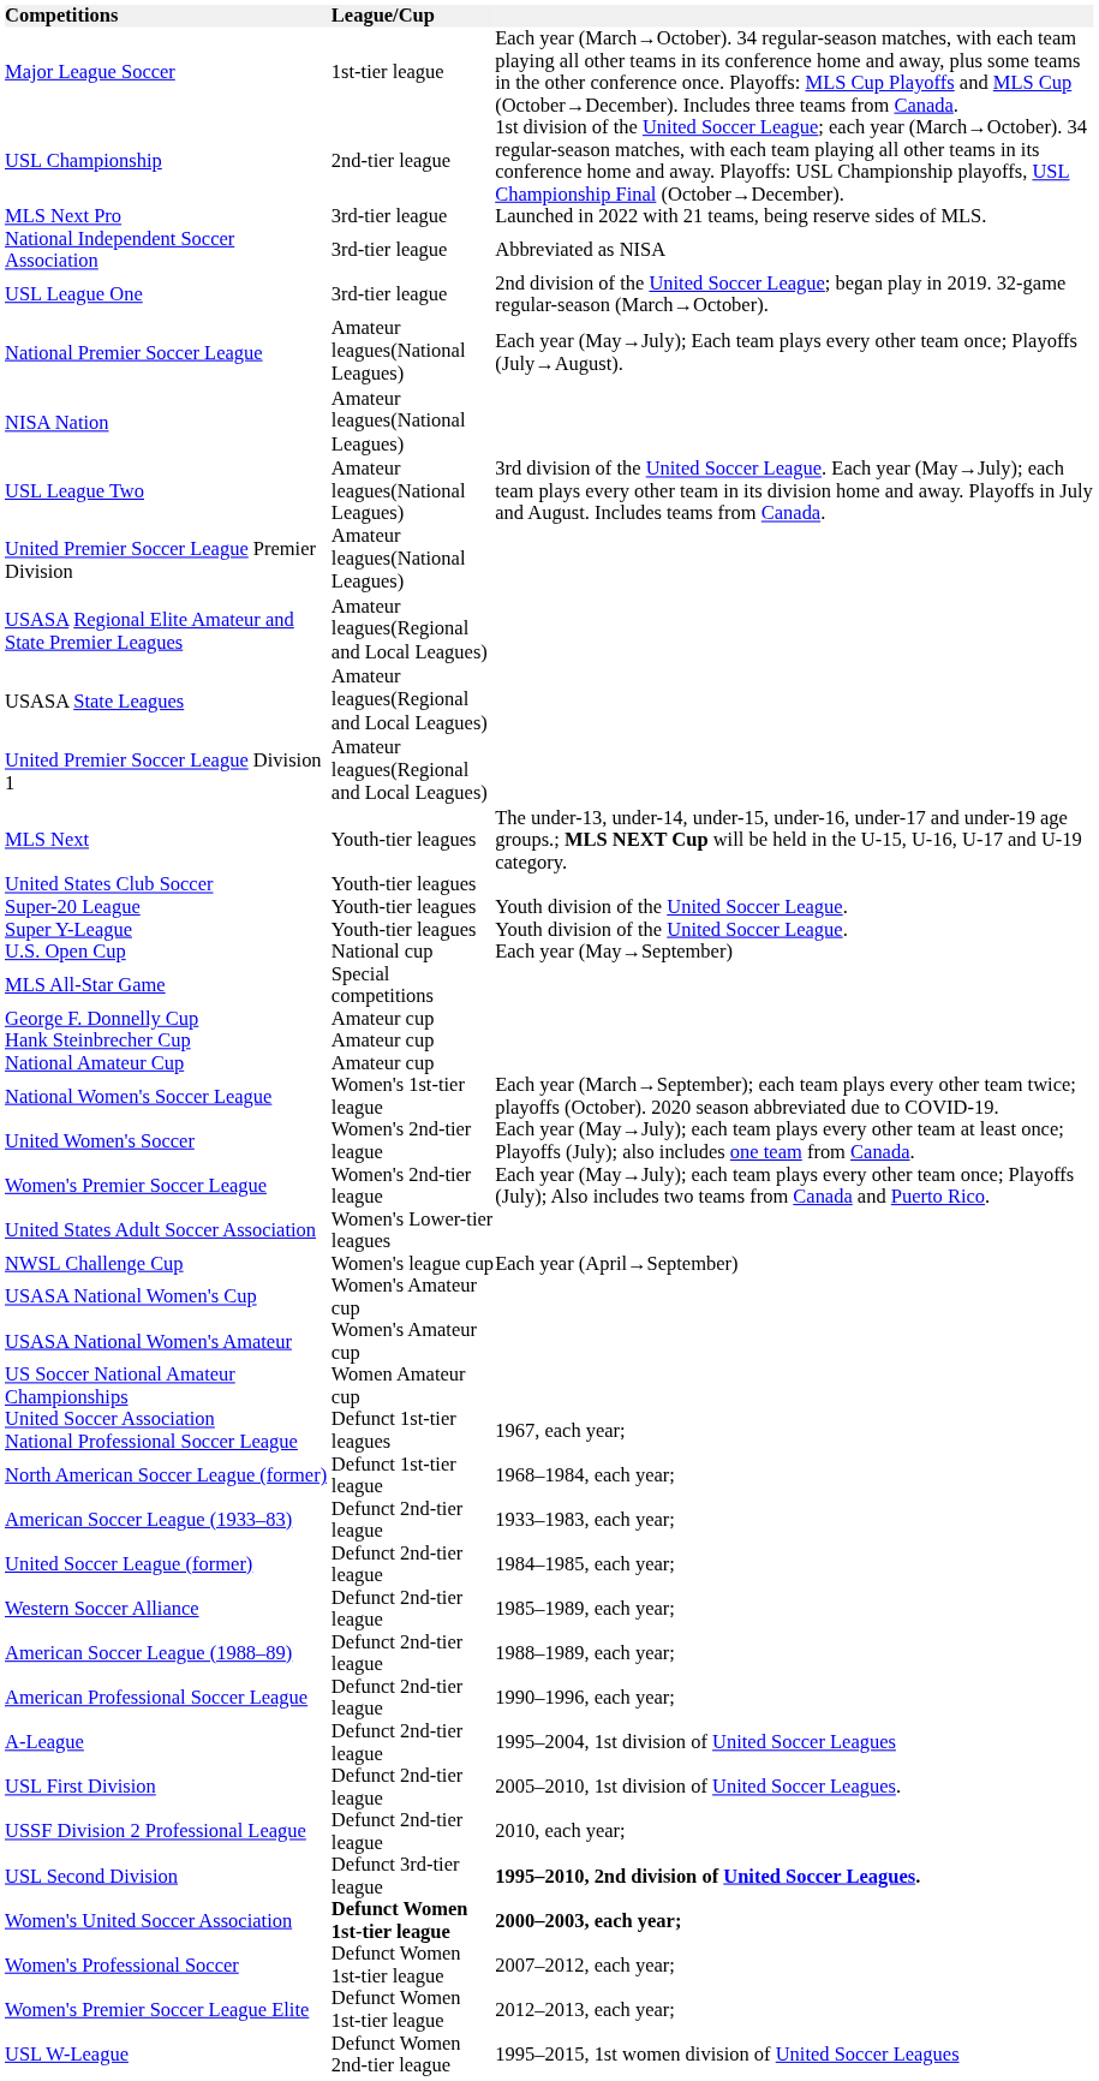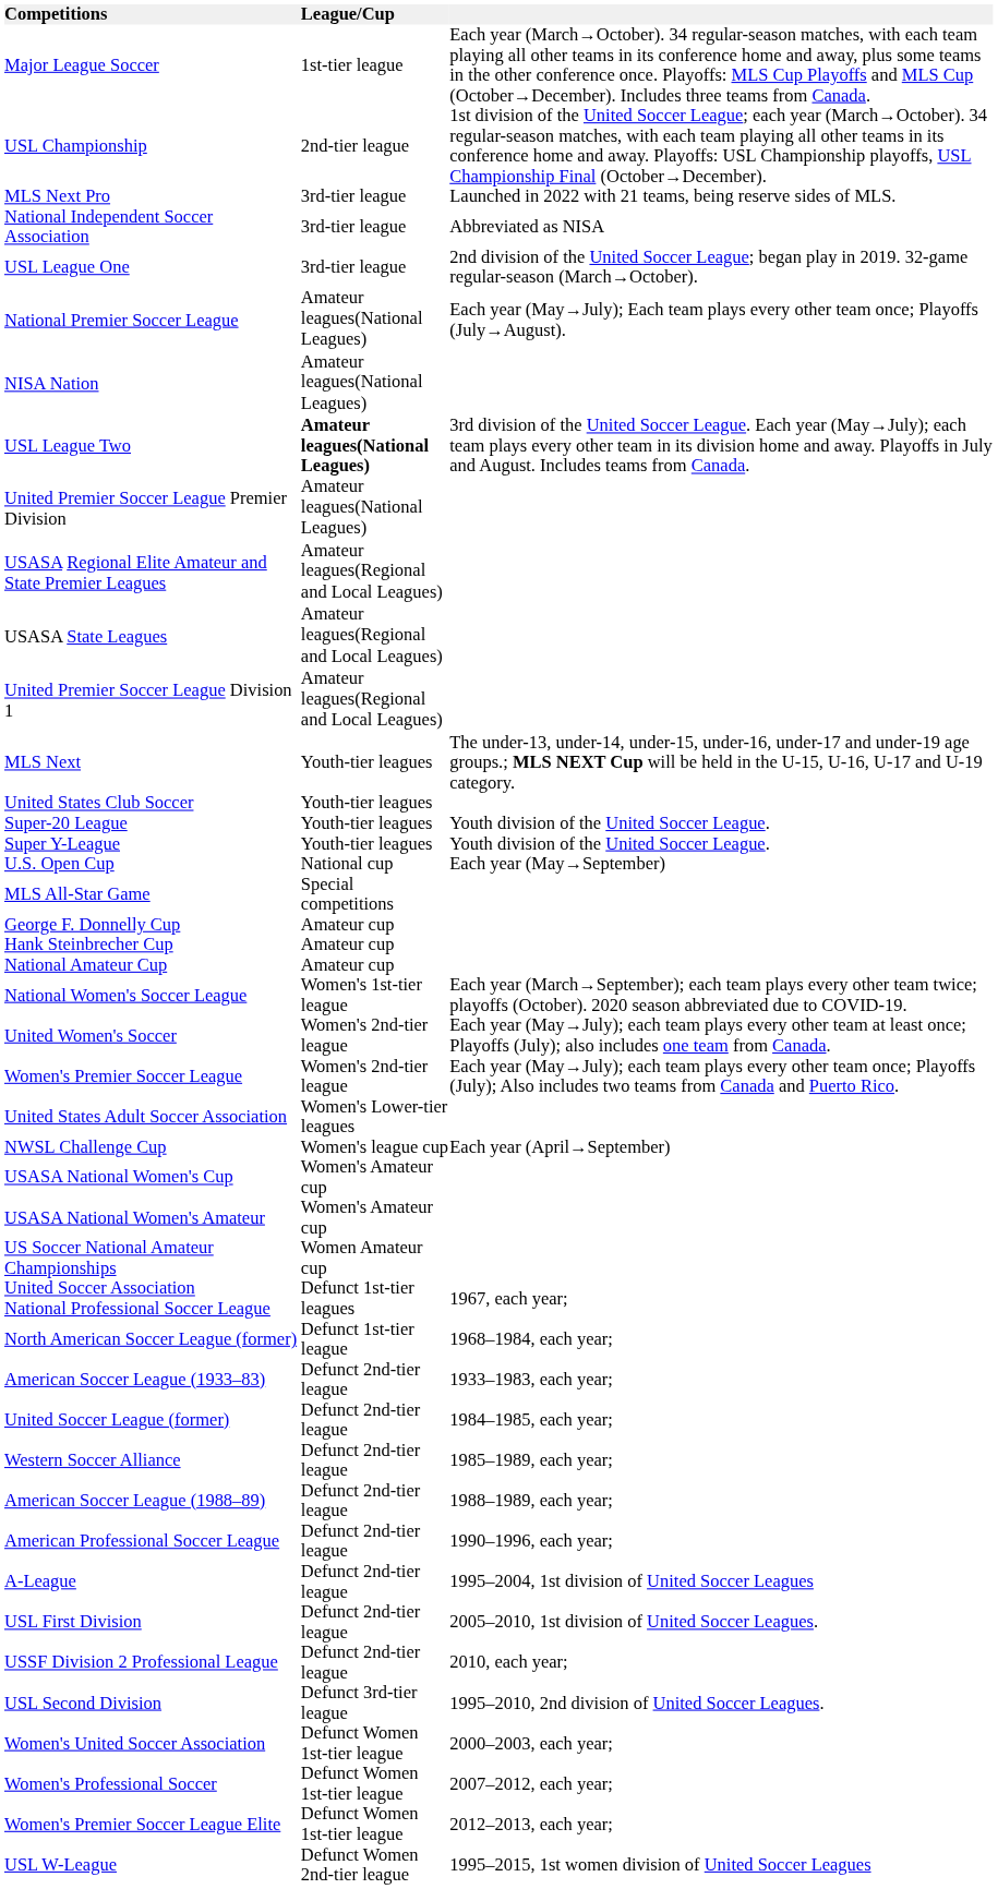 <table width="100%" cellspacing="0" cellpadding="0">
 <tr bgcolor="F0F0F0">
 <th width="30%" align="left"> Competitions</th>
 <th width="15%" align="left">League/Cup</th>
 <th width="55%" align="left"></th>
 </tr>
 <tr>
 <td><a href='#'>Major League Soccer</a></td>
 <td>1st-tier league</td>
 <td>Each year (March→October). 34 regular-season matches, with each team playing all other teams in its conference home and away, plus some teams in the other conference once. Playoffs: <a href='#'>MLS Cup Playoffs</a> and <a href='#'>MLS Cup</a> (October→December). Includes three teams from <a href='#'>Canada</a>.</td>
 </tr>
 <tr>
 <td><a href='#'>USL Championship</a></td>
 <td>2nd-tier league</td>
 <td>1st division of the <a href='#'>United Soccer League</a>; each year (March→October). 34 regular-season matches, with each team playing all other teams in its conference home and away. Playoffs: USL Championship playoffs, <a href='#'>USL Championship Final</a> (October→December).</td>
 </tr>
 <tr>
 <td><a href='#'>MLS Next Pro</a></td>
 <td>3rd-tier league</td>
 <td>Launched in 2022 with 21 teams, being reserve sides of MLS.</td>
 </tr>
 <tr>
 <td><a href='#'>National Independent Soccer Association</a></td>
 <td>3rd-tier league</td>
 <td>Abbreviated as NISA</td>
 </tr>
 <tr>
 <td><a href='#'>USL League One</a></td>
 <td>3rd-tier league</td>
 <td>2nd division of the <a href='#'>United Soccer League</a>; began play in 2019. 32-game regular-season (March→October).</td>
 </tr>
 <tr>
 <td><a href='#'>National Premier Soccer League</a></td>
 <td>Amateur leagues(National Leagues)　</td>
 <td>Each year (May→July); Each team plays every other team once; Playoffs (July→August).</td>
 </tr>
 <tr>
 <td><a href='#'>NISA Nation</a></td>
 <td>Amateur leagues(National Leagues)　</td>
 <td></td>
 </tr>
 <tr>
 <td><a href='#'>USL League Two</a></td>
-<td>Amateur leagues(National Leagues)</td>
+<td><strong>Amateur leagues(National Leagues)</strong></td>
 <td>3rd division of the <a href='#'>United Soccer League</a>. Each year (May→July); each team plays every other team in its division home and away. Playoffs in July and August. Includes teams from <a href='#'>Canada</a>.</td>
 </tr>
 <tr>
 <td><a href='#'>United Premier Soccer League</a> Premier Division</td>
 <td>Amateur leagues(National Leagues)　</td>
 <td> </td>
 </tr>
 <tr>
 <td><a href='#'>USASA</a> <a href='#'>Regional Elite Amateur and State Premier Leagues</a></td>
 <td>Amateur leagues(Regional and Local Leagues)　</td>
 <td> </td>
 </tr>
 <tr>
 <td>USASA <a href='#'>State Leagues</a></td>
 <td>Amateur leagues(Regional and Local Leagues)　</td>
 <td> </td>
 </tr>
 <tr>
 <td><a href='#'>United Premier Soccer League</a> Division 1</td>
 <td>Amateur leagues(Regional and Local Leagues)　</td>
 <td> </td>
 </tr>
 <tr>
 <td><a href='#'>MLS Next</a></td>
 <td>Youth-tier leagues</td>
 <td>The under-13, under-14, under-15, under-16, under-17 and under-19 age groups.; <strong>MLS NEXT Cup</strong> will be held in the U-15, U-16, U-17 and U-19 category.</td>
 </tr>
 <tr>
 <td><a href='#'>United States Club Soccer</a></td>
 <td>Youth-tier leagues</td>
 <td> </td>
 </tr>
 <tr>
 <td><a href='#'>Super-20 League</a></td>
 <td>Youth-tier leagues</td>
 <td>Youth division of the <a href='#'>United Soccer League</a>.</td>
 </tr>
 <tr>
 <td><a href='#'>Super Y-League</a></td>
 <td>Youth-tier leagues</td>
 <td>Youth division of the <a href='#'>United Soccer League</a>.</td>
 </tr>
 <tr>
 <td><a href='#'>U.S. Open Cup</a></td>
 <td>National cup</td>
 <td>Each year (May→September)</td>
 <td></td>
 </tr>
 <tr>
 <td><a href='#'>MLS All-Star Game</a></td>
 <td>Special competitions</td>
 <td></td>
 </tr>
 <tr>
 <td><a href='#'>George F. Donnelly Cup</a></td>
 <td>Amateur cup</td>
 <td> </td>
 </tr>
 <tr>
 <td><a href='#'>Hank Steinbrecher Cup</a></td>
 <td>Amateur cup</td>
 <td> </td>
 </tr>
 <tr>
 <td><a href='#'>National Amateur Cup</a></td>
 <td>Amateur cup</td>
 <td> </td>
 </tr>
 <tr>
 <td><a href='#'>National Women's Soccer League</a></td>
 <td>Women's 1st-tier league</td>
 <td>Each year (March→September); each team plays every other team twice; playoffs (October). 2020 season abbreviated due to COVID-19.</td>
 </tr>
 <tr>
 <td><a href='#'>United Women's Soccer</a></td>
 <td>Women's 2nd-tier league</td>
 <td>Each year (May→July); each team plays every other team at least once; Playoffs (July); also includes <a href='#'>one team</a> from <a href='#'>Canada</a>.</td>
 </tr>
 <tr>
 <td><a href='#'>Women's Premier Soccer League</a></td>
 <td>Women's 2nd-tier league</td>
 <td>Each year (May→July); each team plays every other team once; Playoffs (July); Also includes two teams from <a href='#'>Canada</a> and <a href='#'>Puerto Rico</a>.</td>
 </tr>
 <tr>
 <td><a href='#'>United States Adult Soccer Association</a></td>
 <td>Women's Lower-tier leagues</td>
 <td> </td>
 </tr>
 <tr>
 <td><a href='#'>NWSL Challenge Cup</a></td>
 <td>Women's league cup</td>
 <td>Each year (April→September)</td>
 <td> </td>
 </tr>
 <tr>
 <td><a href='#'>USASA National Women's Cup</a></td>
 <td>Women's Amateur cup</td>
 <td> </td>
 </tr>
 <tr>
 <td><a href='#'>USASA National Women's Amateur</a></td>
 <td>Women's Amateur cup</td>
 <td> </td>
 </tr>
 <tr>
 <td><a href='#'>US Soccer National Amateur Championships</a></td>
 <td>Women Amateur cup</td>
 <td> </td>
 </tr>
 <tr>
 <td><a href='#'>United Soccer Association</a><br><a href='#'>National Professional Soccer League</a></td>
 <td>Defunct 1st-tier leagues</td>
 <td>1967, each year;</td>
 </tr>
 <tr>
 <td><a href='#'>North American Soccer League (former)</a></td>
 <td>Defunct 1st-tier league</td>
 <td>1968–1984, each year;</td>
 </tr>
 <tr>
 <td><a href='#'>American Soccer League (1933–83)</a></td>
 <td>Defunct 2nd-tier league</td>
 <td>1933–1983, each year;</td>
 </tr>
 <tr>
 <td><a href='#'>United Soccer League (former)</a></td>
 <td>Defunct 2nd-tier league</td>
 <td>1984–1985, each year;</td>
 </tr>
 <tr>
 <td><a href='#'>Western Soccer Alliance</a></td>
 <td>Defunct 2nd-tier league</td>
 <td>1985–1989, each year;</td>
 </tr>
 <tr>
 <td><a href='#'>American Soccer League (1988–89)</a></td>
 <td>Defunct 2nd-tier league</td>
 <td>1988–1989, each year;</td>
 </tr>
 <tr>
 <td><a href='#'>American Professional Soccer League</a></td>
 <td>Defunct 2nd-tier league</td>
 <td>1990–1996, each year;</td>
 </tr>
 <tr>
 <td><a href='#'>A-League</a></td>
 <td>Defunct 2nd-tier league</td>
 <td>1995–2004, 1st division of <a href='#'>United Soccer Leagues</a></td>
 </tr>
 <tr>
 <td><a href='#'>USL First Division</a></td>
 <td>Defunct 2nd-tier league</td>
 <td>2005–2010, 1st division of <a href='#'>United Soccer Leagues</a>.</td>
 </tr>
 <tr>
 <td><a href='#'>USSF Division 2 Professional League</a></td>
 <td>Defunct 2nd-tier league</td>
 <td>2010, each year;</td>
 </tr>
 <tr>
 <td><a href='#'>USL Second Division</a></td>
 <td>Defunct 3rd-tier league</td>
-<td><strong>1995–2010, 2nd division of <a href='#'>United Soccer Leagues</a>.</strong></td>
+<td>1995–2010, 2nd division of <a href='#'>United Soccer Leagues</a>.</td>
 </tr>
 <tr>
 <td><a href='#'>Women's United Soccer Association</a></td>
-<td><strong>Defunct Women 1st-tier league</strong></td>
-<td><strong>2000–2003, each year;</strong></td>
+<td>Defunct Women 1st-tier league</td>
+<td>2000–2003, each year;</td>
 </tr>
 <tr>
 <td><a href='#'>Women's Professional Soccer</a></td>
 <td>Defunct Women 1st-tier league</td>
 <td>2007–2012, each year;</td>
 </tr>
 <tr>
 <td><a href='#'>Women's Premier Soccer League Elite</a></td>
 <td>Defunct Women 1st-tier league</td>
 <td>2012–2013, each year;</td>
 </tr>
 <tr>
 <td><a href='#'>USL W-League</a></td>
 <td>Defunct Women 2nd-tier league</td>
 <td>1995–2015, 1st women division of <a href='#'>United Soccer Leagues</a></td>
 </tr>
 </table>
